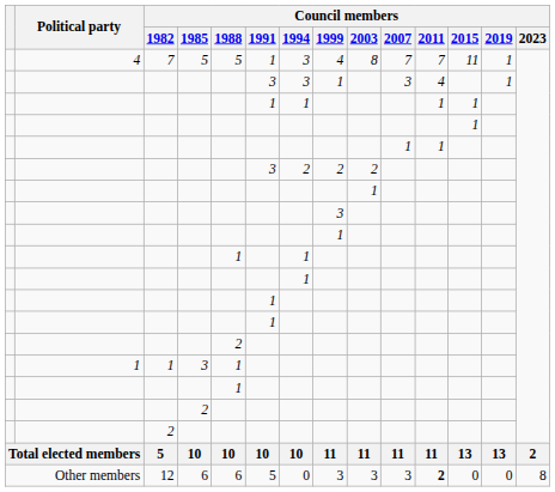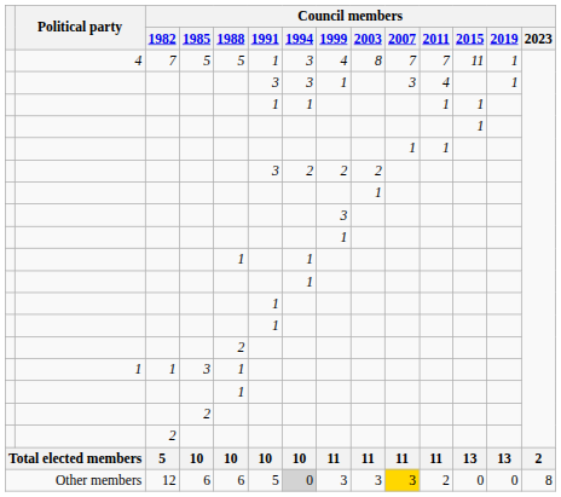 <table class="wikitable" style="text-align: right">
 <tr>
 <th rowspan="2"></th>
 <th rowspan="2">Political party</th>
 <th colspan="12">Council members</th>
 </tr>
 <tr>
 <th><a href='#'>1982</a></th>
 <th><a href='#'>1985</a></th>
 <th><a href='#'>1988</a></th>
 <th><a href='#'>1991</a></th>
 <th><a href='#'>1994</a></th>
 <th><a href='#'>1999</a></th>
 <th><a href='#'>2003</a></th>
 <th><a href='#'>2007</a></th>
 <th><a href='#'>2011</a></th>
 <th><a href='#'>2015</a></th>
 <th><a href='#'>2019</a></th>
 <th>2023</th>
 </tr>
 <tr>
 <td></td>
 <td><em>4</em></td>
 <td><em>7</em></td>
 <td><em>5</em></td>
 <td><em>5</em></td>
 <td><em>1</em></td>
 <td><em>3</em></td>
 <td><em>4</em></td>
 <td><em>8</em></td>
 <td><em>7</em></td>
 <td><em>7</em></td>
 <td><em>11</em></td>
 <td><em>1</em></td>
 </tr>
 <tr>
 <td></td>
 <td></td>
 <td></td>
 <td></td>
 <td></td>
 <td><em>3</em></td>
 <td><em>3</em></td>
 <td><em>1</em></td>
 <td></td>
 <td><em>3</em></td>
 <td><em>4</em></td>
 <td></td>
 <td><em>1</em></td>
 </tr>
 <tr>
 <td></td>
 <td style="text-align: right"></td>
 <td style="text-align: right"></td>
 <td style="text-align: right"></td>
 <td style="text-align: right"></td>
 <td><em>1</em></td>
 <td><em>1</em></td>
 <td style="text-align: right"></td>
 <td></td>
 <td></td>
 <td><em>1</em></td>
 <td><em>1</em></td>
 <td></td>
 </tr>
 <tr>
 <td></td>
 <td></td>
 <td></td>
 <td></td>
 <td></td>
 <td></td>
 <td></td>
 <td></td>
 <td></td>
 <td></td>
 <td></td>
 <td><em>1</em></td>
 <td></td>
 </tr>
 <tr>
 <td></td>
 <td></td>
 <td></td>
 <td></td>
 <td></td>
 <td></td>
 <td></td>
 <td></td>
 <td></td>
 <td><em>1</em></td>
 <td><em>1</em></td>
 <td></td>
 <td></td>
 </tr>
 <tr>
 <td></td>
 <td></td>
 <td></td>
 <td></td>
 <td></td>
 <td><em>3</em></td>
 <td><em>2</em></td>
 <td><em>2</em></td>
 <td><em>2</em></td>
 <td></td>
 <td></td>
 <td></td>
 <td></td>
 </tr>
 <tr>
 <td></td>
 <td></td>
 <td></td>
 <td></td>
 <td></td>
 <td></td>
 <td></td>
 <td></td>
 <td><em>1</em></td>
 <td></td>
 <td></td>
 <td></td>
 <td></td>
 </tr>
 <tr>
 <td></td>
 <td></td>
 <td></td>
 <td></td>
 <td></td>
 <td></td>
 <td></td>
 <td><em>3</em></td>
 <td></td>
 <td></td>
 <td></td>
 <td></td>
 <td></td>
 </tr>
 <tr>
 <td></td>
 <td></td>
 <td></td>
 <td></td>
 <td></td>
 <td></td>
 <td></td>
 <td><em>1</em></td>
 <td></td>
 <td></td>
 <td></td>
 <td></td>
 <td></td>
 </tr>
 <tr>
 <td></td>
 <td></td>
 <td></td>
 <td></td>
 <td><em>1</em></td>
 <td></td>
 <td><em>1</em></td>
 <td></td>
 <td></td>
 <td></td>
 <td></td>
 <td></td>
 <td></td>
 </tr>
 <tr>
 <td></td>
 <td></td>
 <td></td>
 <td></td>
 <td></td>
 <td></td>
 <td><em>1</em></td>
 <td></td>
 <td></td>
 <td></td>
 <td></td>
 <td></td>
 <td></td>
 </tr>
 <tr>
 <td></td>
 <td></td>
 <td></td>
 <td></td>
 <td></td>
 <td><em>1</em></td>
 <td></td>
 <td></td>
 <td></td>
 <td></td>
 <td></td>
 <td></td>
 <td></td>
 </tr>
 <tr>
 <td></td>
 <td></td>
 <td></td>
 <td></td>
 <td></td>
 <td><em>1</em></td>
 <td></td>
 <td></td>
 <td></td>
 <td></td>
 <td></td>
 <td></td>
 <td></td>
 </tr>
 <tr>
 <td></td>
 <td></td>
 <td></td>
 <td></td>
 <td><em>2</em></td>
 <td></td>
 <td></td>
 <td></td>
 <td></td>
 <td></td>
 <td></td>
 <td></td>
 <td></td>
 </tr>
 <tr>
 <td></td>
 <td><em>1</em></td>
 <td><em>1</em></td>
 <td><em>3</em></td>
 <td><em>1</em></td>
 <td></td>
 <td></td>
 <td></td>
 <td></td>
 <td></td>
 <td></td>
 <td></td>
 <td></td>
 </tr>
 <tr>
 <td></td>
 <td></td>
 <td></td>
 <td></td>
 <td><em>1</em></td>
 <td></td>
 <td></td>
 <td></td>
 <td></td>
 <td></td>
 <td></td>
 <td></td>
 <td></td>
 </tr>
 <tr>
 <td></td>
 <td></td>
 <td></td>
 <td><em>2</em></td>
 <td></td>
 <td></td>
 <td></td>
 <td></td>
 <td></td>
 <td></td>
 <td></td>
 <td></td>
 <td></td>
 </tr>
 <tr>
 <td></td>
 <td></td>
 <td><em>2</em></td>
 <td></td>
 <td></td>
 <td></td>
 <td></td>
 <td></td>
 <td></td>
 <td></td>
 <td></td>
 <td></td>
 <td></td>
 </tr>
 <tr>
 <th colspan="2" style="text-align: left">Total elected members</th>
 <th>5</th>
 <th>10</th>
 <th>10</th>
 <th>10</th>
 <th>10</th>
 <th>11</th>
 <th>11</th>
 <th>11</th>
 <th>11</th>
 <th>13</th>
 <th>13</th>
 <th>2</th>
 </tr>
 <tr>
 <td colspan="2">Other members</td>
 <td>12</td>
 <td>6</td>
 <td>6</td>
 <td>5</td>
-<td>0</td>
+<td style="background: lightgrey;">0</td>
 <td>3</td>
 <td>3</td>
-<td>3</td>
-<td><strong>2</strong></td>
+<td style="background: gold;">3</td>
+<td>2</td>
 <td>0</td>
 <td>0</td>
 <td>8</td>
 </tr>
 </table>
